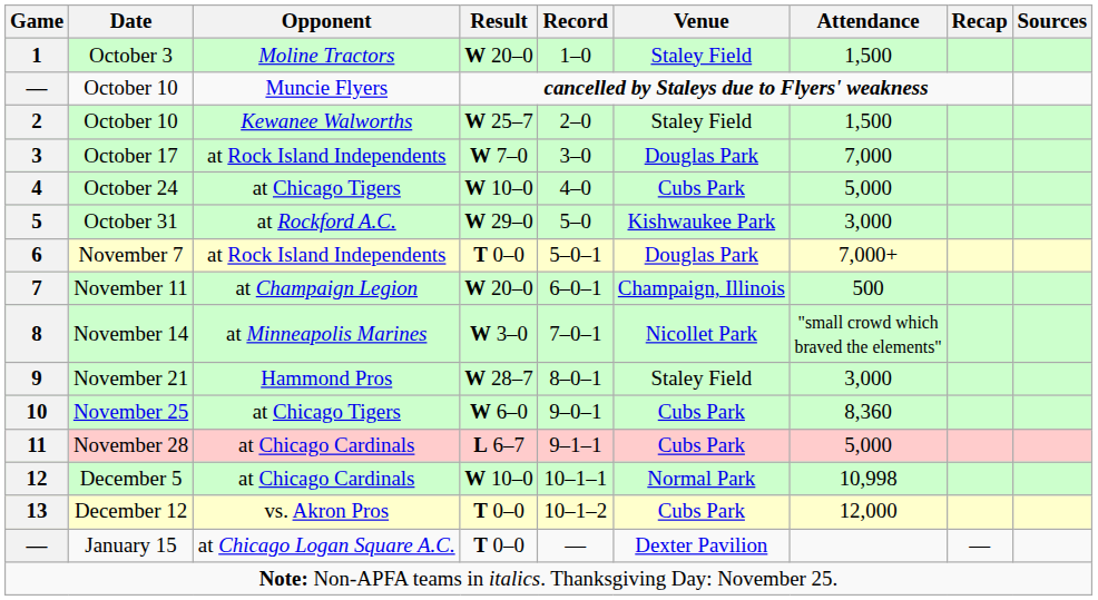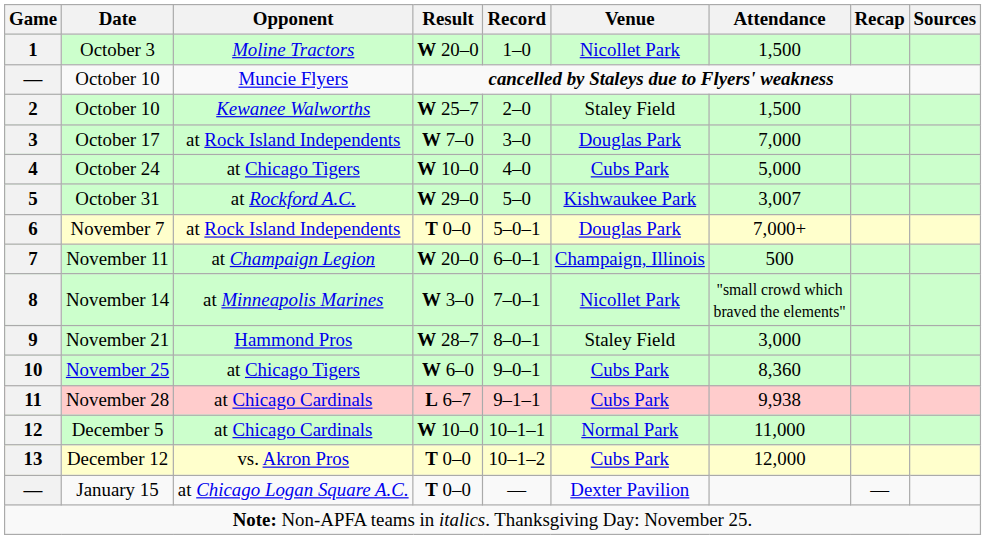 <table class="wikitable" style="text-align:center">
 <tr>
 <th>Game</th>
 <th>Date</th>
 <th>Opponent</th>
 <th>Result</th>
 <th>Record</th>
 <th>Venue</th>
 <th>Attendance</th>
 <th>Recap</th>
 <th>Sources</th>
 </tr>
 <tr style="background:#cfc">
 <th>1</th>
 <td>October 3</td>
 <td><em><a href='#'>Moline Tractors</a></em> </td>
 <td><strong>W</strong> 20–0</td>
 <td>1–0</td>
-<td><a href='#'>Staley Field</a></td>
+<td><a href='#'>Nicollet Park</a></td>
 <td>1,500</td>
 <td></td>
 <td></td>
 </tr>
 <tr>
 <th>—</th>
 <td>October 10</td>
 <td><a href='#'>Muncie Flyers</a></td>
 <td colspan="5"><strong><em>cancelled by Staleys due to Flyers' weakness</em></strong></td>
 <td></td>
 </tr>
 <tr style="background:#cfc">
 <th>2</th>
 <td>October 10</td>
 <td><em><a href='#'>Kewanee Walworths</a></em></td>
 <td><strong>W</strong> 25–7</td>
 <td>2–0</td>
 <td>Staley Field</td>
 <td>1,500</td>
 <td></td>
 <td></td>
 </tr>
 <tr style="background:#cfc">
 <th>3</th>
 <td>October 17</td>
 <td>at <a href='#'>Rock Island Independents</a></td>
 <td><strong>W</strong> 7–0</td>
 <td>3–0</td>
 <td><a href='#'>Douglas Park</a></td>
 <td>7,000</td>
 <td></td>
 <td></td>
 </tr>
 <tr style="background:#cfc">
 <th>4</th>
 <td>October 24</td>
 <td>at <a href='#'>Chicago Tigers</a></td>
 <td><strong>W</strong> 10–0</td>
 <td>4–0</td>
 <td><a href='#'>Cubs Park</a></td>
 <td>5,000</td>
 <td></td>
 <td></td>
 </tr>
 <tr style="background:#cfc">
 <th>5</th>
 <td>October 31</td>
 <td>at <em><a href='#'>Rockford A.C.</a></em></td>
 <td><strong>W</strong> 29–0</td>
 <td>5–0</td>
 <td><a href='#'>Kishwaukee Park</a></td>
-<td>3,000</td>
+<td>3,007</td>
 <td></td>
 <td></td>
 </tr>
 <tr style="background:#ffc">
 <th>6</th>
 <td>November 7</td>
 <td>at <a href='#'>Rock Island Independents</a></td>
 <td><strong>T</strong> 0–0</td>
 <td>5–0–1</td>
 <td><a href='#'>Douglas Park</a></td>
 <td>7,000+</td>
 <td></td>
 <td></td>
 </tr>
 <tr style="background:#cfc;">
 <th>7</th>
 <td>November 11</td>
 <td>at <em><a href='#'>Champaign Legion</a></em></td>
 <td><strong>W</strong> 20–0</td>
 <td>6–0–1</td>
 <td><a href='#'>Champaign, Illinois</a></td>
 <td>500</td>
 <td></td>
 <td></td>
 </tr>
 <tr style="background:#cfc;">
 <th>8</th>
 <td>November 14</td>
 <td>at <em><a href='#'>Minneapolis Marines</a></em></td>
 <td><strong>W</strong> 3–0</td>
 <td>7–0–1</td>
 <td><a href='#'>Nicollet Park</a></td>
 <td><small>"small crowd which <br>braved the elements"</small></td>
 <td></td>
 <td></td>
 </tr>
 <tr style="background:#cfc">
 <th>9</th>
 <td>November 21</td>
 <td><a href='#'>Hammond Pros</a></td>
 <td><strong>W</strong> 28–7</td>
 <td>8–0–1</td>
 <td>Staley Field</td>
 <td>3,000</td>
 <td></td>
 <td></td>
 </tr>
 <tr style="background:#cfc;">
 <th>10</th>
 <td><a href='#'>November 25</a></td>
 <td>at <a href='#'>Chicago Tigers</a></td>
 <td><strong>W</strong> 6–0</td>
 <td>9–0–1</td>
 <td><a href='#'>Cubs Park</a></td>
 <td>8,360</td>
 <td></td>
 <td></td>
 </tr>
 <tr style="background:#fcc">
 <th>11</th>
 <td>November 28</td>
 <td>at <a href='#'>Chicago Cardinals</a></td>
 <td><strong>L</strong> 6–7</td>
 <td>9–1–1</td>
 <td><a href='#'>Cubs Park</a></td>
-<td>5,000</td>
+<td>9,938</td>
 <td></td>
 <td></td>
 </tr>
 <tr style="background:#cfc">
 <th>12</th>
 <td>December 5</td>
 <td>at <a href='#'>Chicago Cardinals</a></td>
 <td><strong>W</strong> 10–0</td>
 <td>10–1–1</td>
 <td><a href='#'>Normal Park</a></td>
-<td>10,998</td>
+<td>11,000</td>
 <td></td>
 <td></td>
 </tr>
 <tr style="background:#ffc;">
 <th>13</th>
 <td>December 12</td>
 <td>vs. <a href='#'>Akron Pros</a></td>
 <td><strong>T</strong> 0–0</td>
 <td>10–1–2</td>
 <td><a href='#'>Cubs Park</a></td>
 <td>12,000</td>
 <td></td>
 <td></td>
 </tr>
 <tr>
 <th>—</th>
 <td>January 15</td>
 <td>at <em><a href='#'>Chicago Logan Square A.C.</a></em></td>
 <td><strong>T</strong> 0–0</td>
 <td>—</td>
 <td><a href='#'>Dexter Pavilion</a></td>
 <td></td>
 <td>—</td>
 <td></td>
 </tr>
 <tr>
 <td colspan="10"><strong>Note:</strong> Non-APFA teams in <em>italics</em>. Thanksgiving Day: November 25.</td>
 </tr>
 </table>
